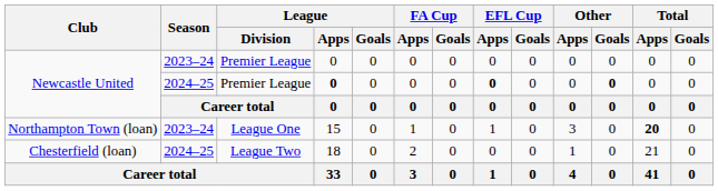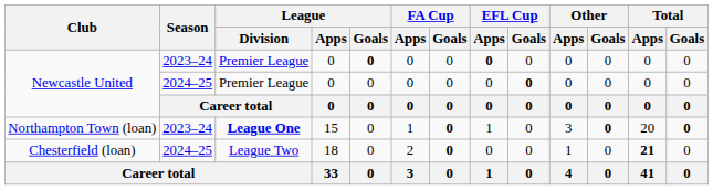 <table class=wikitable style=text-align:center>
 <tr>
 <th rowspan=2>Club</th>
 <th rowspan=2>Season</th>
 <th colspan=3>League</th>
 <th colspan=2><a href='#'>FA Cup</a></th>
 <th colspan=2><a href='#'>EFL Cup</a></th>
 <th colspan=2>Other</th>
 <th colspan=2>Total</th>
 </tr>
 <tr>
 <th>Division</th>
 <th>Apps</th>
 <th>Goals</th>
 <th>Apps</th>
 <th>Goals</th>
 <th>Apps</th>
 <th>Goals</th>
 <th>Apps</th>
 <th>Goals</th>
 <th>Apps</th>
 <th>Goals</th>
 </tr>
 <tr>
 <td rowspan=3><a href='#'>Newcastle United</a></td>
 <td><a href='#'>2023–24</a></td>
 <td><a href='#'>Premier League</a></td>
 <td>0</td>
+<td><strong>0</strong></td>
 <td>0</td>
 <td>0</td>
-<td>0</td>
-<td>0</td>
+<td><strong>0</strong></td>
 <td>0</td>
 <td>0</td>
 <td>0</td>
 <td>0</td>
 <td>0</td>
 </tr>
 <tr>
 <td><a href='#'>2024–25</a></td>
 <td>Premier League</td>
-<td><strong>0</strong></td>
+<td>0</td>
+<td>0</td>
 <td>0</td>
 <td>0</td>
 <td>0</td>
 <td><strong>0</strong></td>
 <td>0</td>
 <td>0</td>
-<td><strong>0</strong></td>
 <td>0</td>
 <td>0</td>
 </tr>
 <tr>
 <th colspan="2">Career total</th>
 <th>0</th>
 <th>0</th>
 <th>0</th>
 <th>0</th>
 <th>0</th>
 <th>0</th>
 <th>0</th>
 <th>0</th>
 <th>0</th>
 <th>0</th>
 </tr>
 <tr>
 <td><a href='#'>Northampton Town</a> (loan)</td>
 <td><a href='#'>2023–24</a></td>
-<td><a href='#'>League One</a></td>
+<td><strong><a href='#'>League One</a></strong></td>
 <td>15</td>
 <td>0</td>
 <td>1</td>
-<td>0</td>
+<td><strong>0</strong></td>
 <td>1</td>
 <td>0</td>
 <td>3</td>
-<td>0</td>
-<td><strong>20</strong></td>
-<td>0</td>
+<td><strong>0</strong></td>
+<td>20</td>
+<td><strong>0</strong></td>
 </tr>
 <tr>
 <td><a href='#'>Chesterfield</a> (loan)</td>
 <td><a href='#'>2024–25</a></td>
 <td><a href='#'>League Two</a></td>
 <td>18</td>
 <td>0</td>
 <td>2</td>
-<td>0</td>
+<td><strong>0</strong></td>
 <td>0</td>
 <td>0</td>
 <td>1</td>
 <td>0</td>
-<td>21</td>
+<td><strong>21</strong></td>
 <td>0</td>
 </tr>
 <tr>
 <th colspan="3">Career total</th>
 <th>33</th>
 <th>0</th>
 <th>3</th>
 <th>0</th>
 <th>1</th>
 <th>0</th>
 <th>4</th>
 <th>0</th>
 <th>41</th>
 <th>0</th>
 </tr>
 </table>
